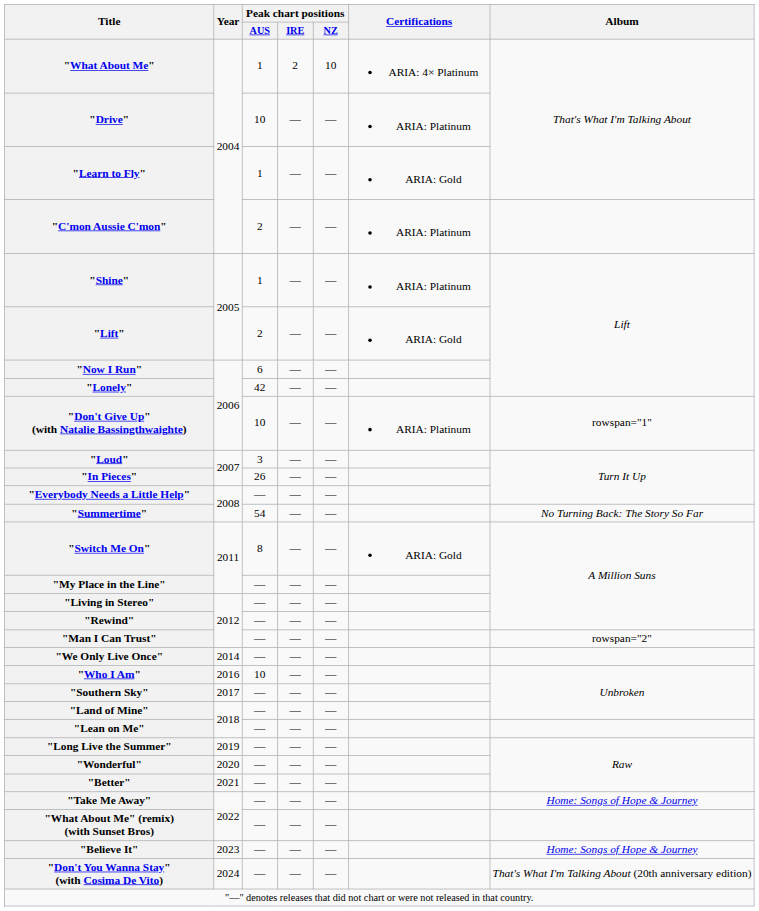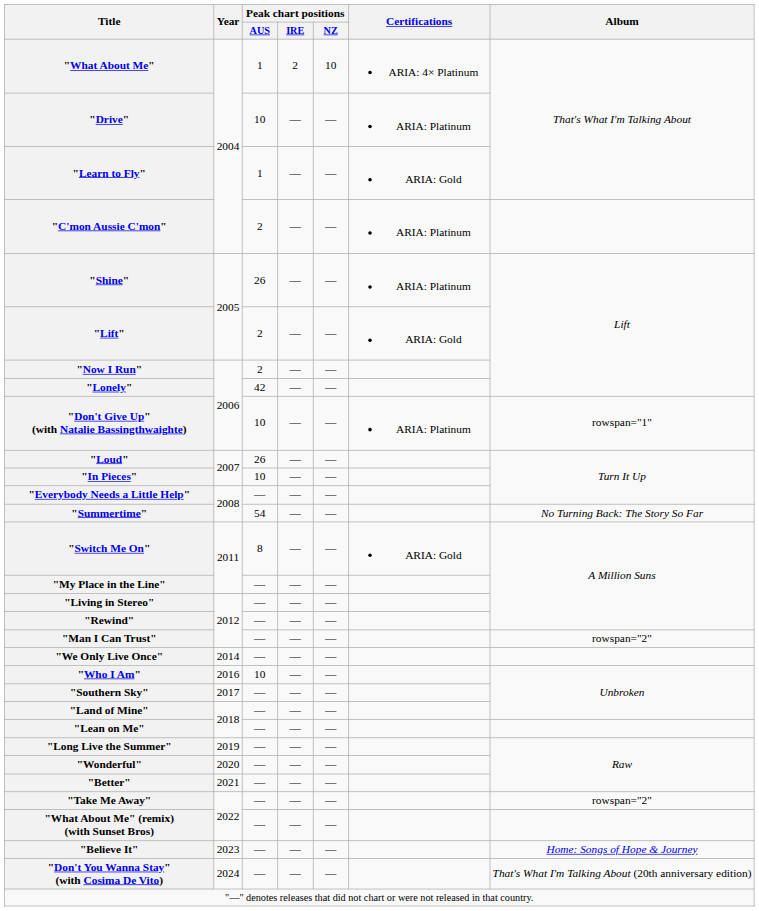 <table class="wikitable plainrowheaders" style="text-align:center;">
 <tr>
 <th scope="col" rowspan="2" style="width:18em;">Title</th>
 <th scope="col" rowspan="2" style="width:1em;">Year</th>
 <th scope="col" colspan="3">Peak chart positions</th>
 <th scope="col" rowspan="2" style="width:12em;"><a href='#'>Certifications</a></th>
 <th scope="col" rowspan="2">Album</th>
 </tr>
 <tr>
 <th scope="col" style="width:3em;font-size:90%;"><a href='#'>AUS</a><br></th>
 <th scope="col" style="width:3em;font-size:90%;"><a href='#'>IRE</a><br></th>
 <th scope="col" style="width:3em;font-size:90%;"><a href='#'>NZ</a><br></th>
 </tr>
 <tr>
 <th scope="row">"<a href='#'>What About Me</a>"</th>
 <td rowspan="4">2004</td>
 <td>1</td>
 <td>2</td>
 <td>10</td>
 <td><br><ul><li>ARIA: 4× Platinum</li></ul></td>
 <td rowspan="3"><em>That's What I'm Talking About</em></td>
 </tr>
 <tr>
 <th scope="row">"<a href='#'>Drive</a>"</th>
 <td>10</td>
 <td>—</td>
 <td>—</td>
 <td><br><ul><li>ARIA: Platinum</li></ul></td>
 </tr>
 <tr>
 <th scope="row">"<a href='#'>Learn to Fly</a>"</th>
 <td>1</td>
 <td>—</td>
 <td>—</td>
 <td><br><ul><li>ARIA: Gold</li></ul></td>
 </tr>
 <tr>
 <th scope="row">"<a href='#'>C'mon Aussie C'mon</a>"</th>
 <td>2</td>
 <td>—</td>
 <td>—</td>
 <td><br><ul><li>ARIA: Platinum</li></ul></td>
 <td></td>
 </tr>
 <tr>
 <th scope="row">"<a href='#'>Shine</a>"</th>
 <td rowspan="2">2005</td>
-<td>1</td>
+<td>26</td>
 <td>—</td>
 <td>—</td>
 <td><br><ul><li>ARIA: Platinum</li></ul></td>
 <td rowspan="4"><em>Lift</em></td>
 </tr>
 <tr>
 <th scope="row">"<a href='#'>Lift</a>"</th>
 <td>2</td>
 <td>—</td>
 <td>—</td>
 <td><br><ul><li>ARIA: Gold</li></ul></td>
 </tr>
 <tr>
 <th scope="row">"<a href='#'>Now I Run</a>"</th>
 <td rowspan="3">2006</td>
-<td>6</td>
+<td>2</td>
 <td>—</td>
 <td>—</td>
 <td></td>
 </tr>
 <tr>
 <th scope="row">"<a href='#'>Lonely</a>"</th>
 <td>42</td>
 <td>—</td>
 <td>—</td>
 <td></td>
 </tr>
 <tr>
 <th scope="row">"<a href='#'>Don't Give Up</a>"<br><span>(with <a href='#'>Natalie Bassingthwaighte</a>)</span></th>
 <td>10</td>
 <td>—</td>
 <td>—</td>
 <td><br><ul><li>ARIA: Platinum</li></ul></td>
 <td>rowspan="1" </td>
 </tr>
 <tr>
 <th scope="row">"<a href='#'>Loud</a>"</th>
 <td rowspan="2">2007</td>
-<td>3</td>
+<td>26</td>
 <td>—</td>
 <td>—</td>
 <td></td>
 <td rowspan="3"><em>Turn It Up</em></td>
 </tr>
 <tr>
 <th scope="row">"<a href='#'>In Pieces</a>"</th>
-<td>26</td>
+<td>10</td>
 <td>—</td>
 <td>—</td>
 <td></td>
 </tr>
 <tr>
 <th scope="row">"<a href='#'>Everybody Needs a Little Help</a>"</th>
 <td rowspan="2">2008</td>
 <td>—</td>
 <td>—</td>
 <td>—</td>
 <td></td>
 </tr>
 <tr>
 <th scope="row">"<a href='#'>Summertime</a>"</th>
 <td>54</td>
 <td>—</td>
 <td>—</td>
 <td></td>
 <td><em>No Turning Back: The Story So Far</em></td>
 </tr>
 <tr>
 <th scope="row">"<a href='#'>Switch Me On</a>"</th>
 <td rowspan="2">2011</td>
 <td>8</td>
 <td>—</td>
 <td>—</td>
 <td><br><ul><li>ARIA: Gold</li></ul></td>
 <td rowspan="4"><em>A Million Suns</em></td>
 </tr>
 <tr>
 <th scope="row">"My Place in the Line"</th>
 <td>—</td>
 <td>—</td>
 <td>—</td>
 <td></td>
 </tr>
 <tr>
 <th scope="row">"Living in Stereo"</th>
 <td rowspan="3">2012</td>
 <td>—</td>
 <td>—</td>
 <td>—</td>
 <td></td>
 </tr>
 <tr>
 <th scope="row">"Rewind"</th>
 <td>—</td>
 <td>—</td>
 <td>—</td>
 <td></td>
 </tr>
 <tr>
 <th scope="row">"Man I Can Trust"</th>
 <td>—</td>
 <td>—</td>
 <td>—</td>
 <td></td>
 <td>rowspan="2" </td>
 </tr>
 <tr>
 <th scope="row">"We Only Live Once"</th>
 <td>2014</td>
 <td>—</td>
 <td>—</td>
 <td>—</td>
 <td></td>
 </tr>
 <tr>
 <th scope="row">"<a href='#'>Who I Am</a>"</th>
 <td>2016</td>
 <td>10</td>
 <td>—</td>
 <td>—</td>
 <td></td>
 <td rowspan="3"><em>Unbroken</em></td>
 </tr>
 <tr>
 <th scope="row">"Southern Sky"</th>
 <td>2017</td>
 <td>—</td>
 <td>—</td>
 <td>—</td>
 <td></td>
 </tr>
 <tr>
 <th scope="row">"Land of Mine"</th>
 <td rowspan="2">2018</td>
 <td>—</td>
 <td>—</td>
 <td>—</td>
 <td></td>
 </tr>
 <tr>
 <th scope="row">"Lean on Me"</th>
 <td>—</td>
 <td>—</td>
 <td>—</td>
 <td></td>
 <td></td>
 </tr>
 <tr>
 <th scope="row">"Long Live the Summer"</th>
 <td>2019</td>
 <td>—</td>
 <td>—</td>
 <td>—</td>
 <td></td>
 <td rowspan="3"><em>Raw</em></td>
 </tr>
 <tr>
 <th scope="row">"Wonderful"</th>
 <td>2020</td>
 <td>—</td>
 <td>—</td>
 <td>—</td>
 <td></td>
 </tr>
 <tr>
 <th scope="row">"Better"</th>
 <td>2021</td>
 <td>—</td>
 <td>—</td>
 <td>—</td>
 <td></td>
 </tr>
 <tr>
 <th scope="row">"Take Me Away"</th>
 <td rowspan="2">2022</td>
 <td>—</td>
 <td>—</td>
 <td>—</td>
 <td></td>
-<td><em><a href='#'>Home: Songs of Hope & Journey</a></em></td>
+<td>rowspan="2" </td>
 </tr>
 <tr>
 <th scope="row">"What About Me" (remix)<br><span>(with Sunset Bros)</span></th>
 <td>—</td>
 <td>—</td>
 <td>—</td>
 <td></td>
 </tr>
 <tr>
 <th scope="row">"Believe It"</th>
 <td rowspan="1">2023</td>
 <td>—</td>
 <td>—</td>
 <td>—</td>
 <td></td>
 <td><em><a href='#'>Home: Songs of Hope & Journey</a></em></td>
 </tr>
 <tr>
 <th scope="row">"<a href='#'>Don't You Wanna Stay</a>"<br><span>(with <a href='#'>Cosima De Vito</a>)</span></th>
 <td rowspan="1">2024</td>
 <td>—</td>
 <td>—</td>
 <td>—</td>
 <td></td>
 <td rowspan="1"><em>That's What I'm Talking About</em> (20th anniversary edition)</td>
 </tr>
 <tr>
 <td colspan="7" style="font-size:90%">"—" denotes releases that did not chart or were not released in that country.</td>
 </tr>
 </table>
